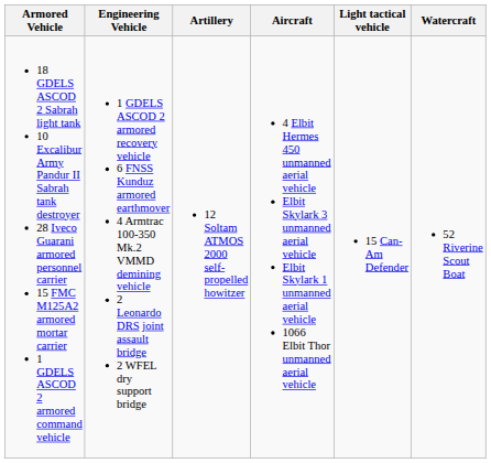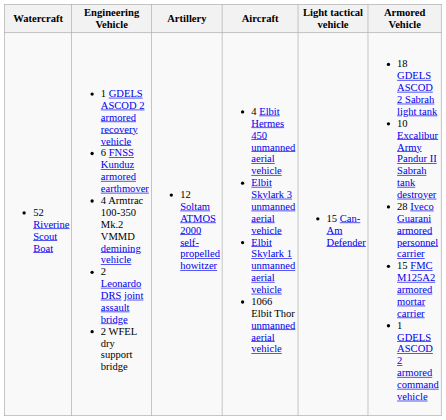 <table class="wikitable">
 <tr>
-<th>Armored Vehicle</th>
+<th>Watercraft</th>
 <th>Engineering Vehicle</th>
 <th>Artillery</th>
 <th>Aircraft</th>
 <th>Light tactical vehicle</th>
-<th>Watercraft</th>
+<th>Armored Vehicle</th>
 </tr>
 <tr>
-<td><br><ul><li>18 <a href='#'>GDELS ASCOD 2 Sabrah</a> <a href='#'>light tank</a></li><li>10 <a href='#'>Excalibur Army Pandur II Sabrah</a> <a href='#'>tank destroyer</a></li><li>28 <a href='#'>Iveco Guarani</a> <a href='#'>armored personnel carrier</a></li><li>15 <a href='#'>FMC M125A2</a> <a href='#'>armored mortar carrier</a></li><li>1 <a href='#'>GDELS ASCOD 2</a> <a href='#'>armored command vehicle</a></li></ul></td>
+<td><br><ul><li>52 <a href='#'>Riverine Scout Boat</a></li></ul></td>
 <td><br><ul><li>1 <a href='#'>GDELS ASCOD 2</a> <a href='#'>armored recovery vehicle</a></li><li>6 <a href='#'>FNSS Kunduz</a> <a href='#'>armored earthmover</a></li><li>4 Armtrac 100-350 Mk.2 VMMD <a href='#'>demining vehicle</a></li><li>2 <a href='#'>Leonardo DRS</a> <a href='#'>joint assault bridge</a></li><li>2 WFEL dry support bridge</li></ul></td>
 <td><br><ul><li>12 <a href='#'>Soltam ATMOS 2000</a> <a href='#'>self-propelled howitzer</a></li></ul></td>
 <td><br><ul><li>4 <a href='#'>Elbit Hermes 450</a> <a href='#'>unmanned aerial vehicle</a></li><li><a href='#'>Elbit Skylark 3</a> <a href='#'>unmanned aerial vehicle</a></li><li><a href='#'>Elbit Skylark 1</a> <a href='#'>unmanned aerial vehicle</a></li><li>1066 Elbit Thor <a href='#'>unmanned aerial vehicle</a></li></ul></td>
 <td><br><ul><li>15 <a href='#'>Can-Am Defender</a></li></ul></td>
-<td><br><ul><li>52 <a href='#'>Riverine Scout Boat</a></li></ul></td>
+<td><br><ul><li>18 <a href='#'>GDELS ASCOD 2 Sabrah</a> <a href='#'>light tank</a></li><li>10 <a href='#'>Excalibur Army Pandur II Sabrah</a> <a href='#'>tank destroyer</a></li><li>28 <a href='#'>Iveco Guarani</a> <a href='#'>armored personnel carrier</a></li><li>15 <a href='#'>FMC M125A2</a> <a href='#'>armored mortar carrier</a></li><li>1 <a href='#'>GDELS ASCOD 2</a> <a href='#'>armored command vehicle</a></li></ul></td>
 </tr>
 </table>
